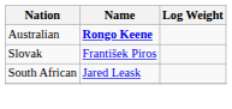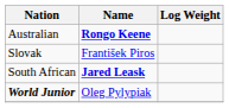 <table class="wikitable" style="display: inline-table">
 <tr>
 <th>Nation</th>
 <th>Name</th>
 <th>Log Weight</th>
 </tr>
 <tr>
 <td> Australian</td>
 <td><strong><a href='#'>Rongo Keene</a></strong></td>
 <td></td>
 </tr>
 <tr>
 <td> Slovak</td>
 <td><a href='#'>František Piros</a></td>
 <td></td>
 </tr>
 <tr>
 <td> South African</td>
-<td><a href='#'>Jared Leask</a></td>
+<td><strong><a href='#'>Jared Leask</a></strong></td>
+<td></td>
+</tr>
+<tr>
+<td><strong><em>World Junior</em></strong></td>
+<td><a href='#'>Oleg Pylypiak</a></td>
 <td></td>
 </tr>
 <tr>
 </tr>
 </table>
